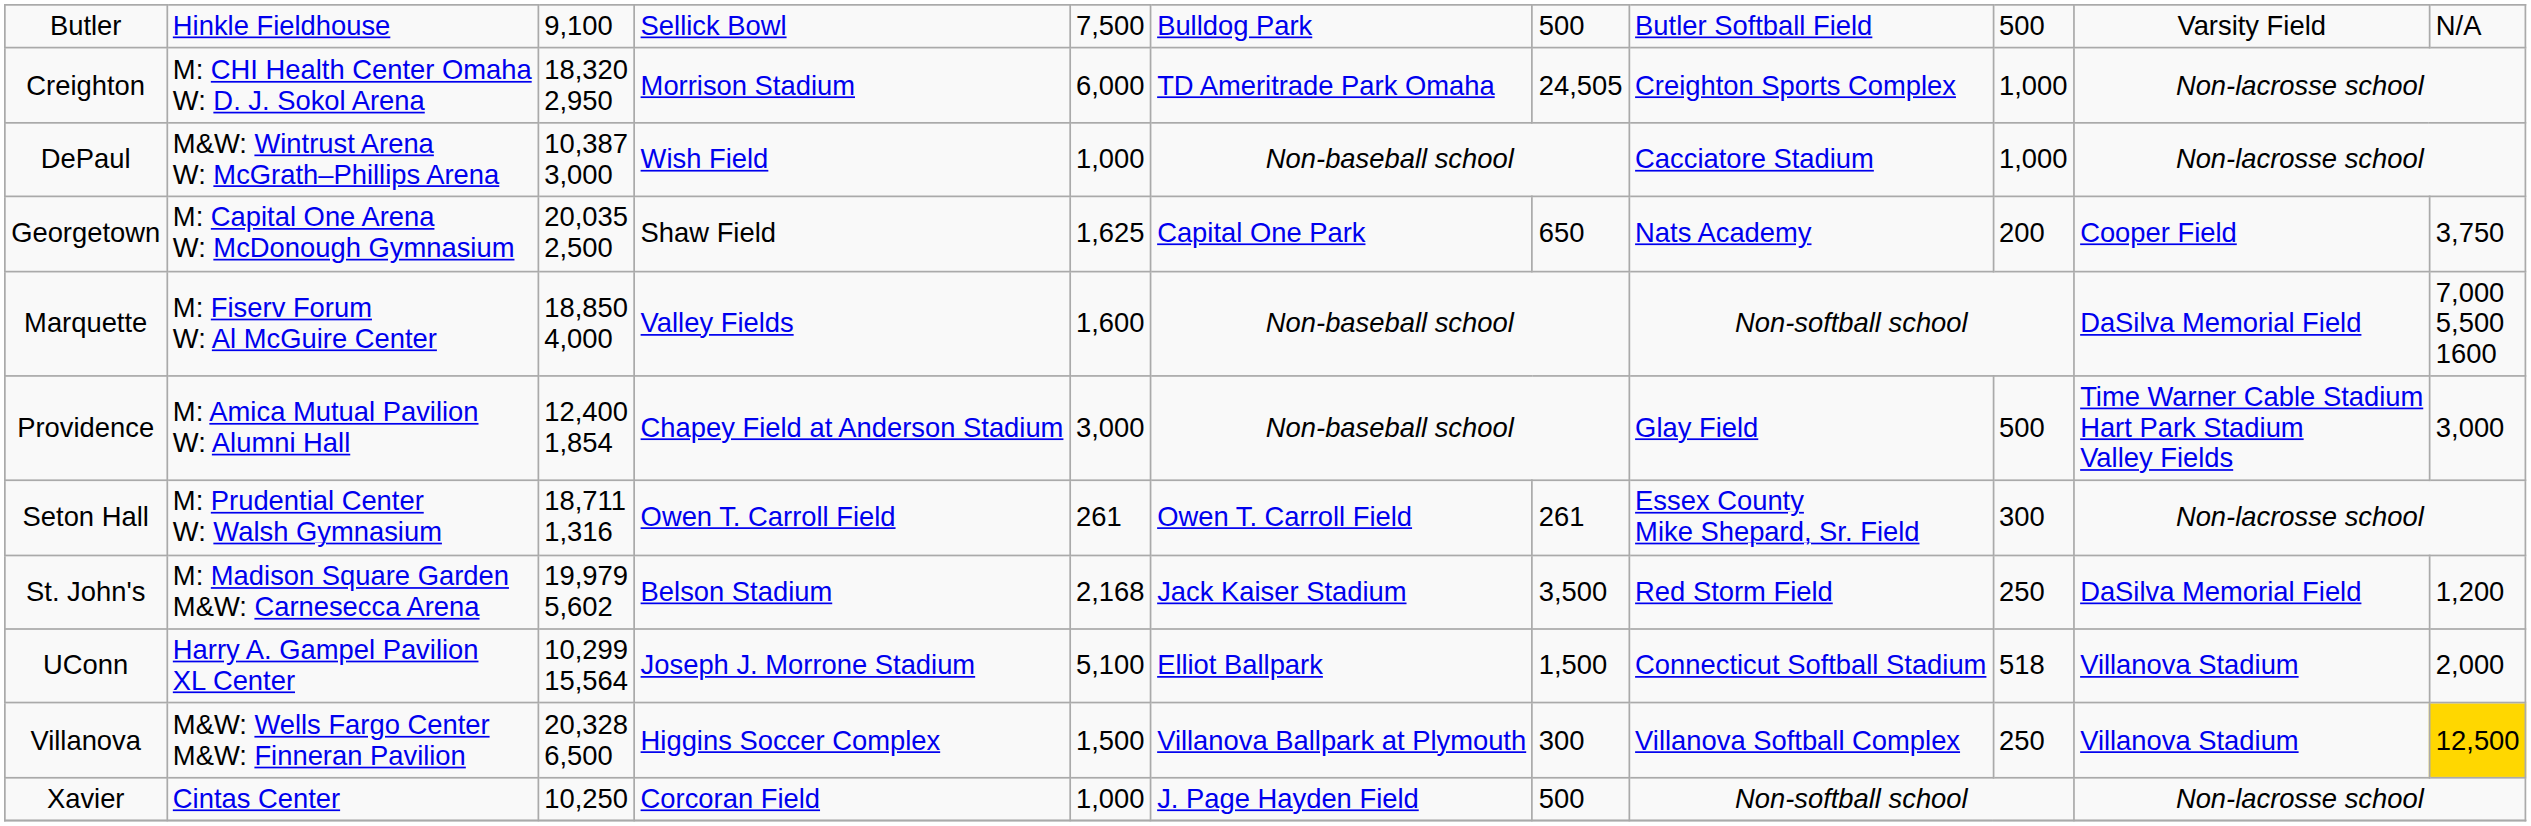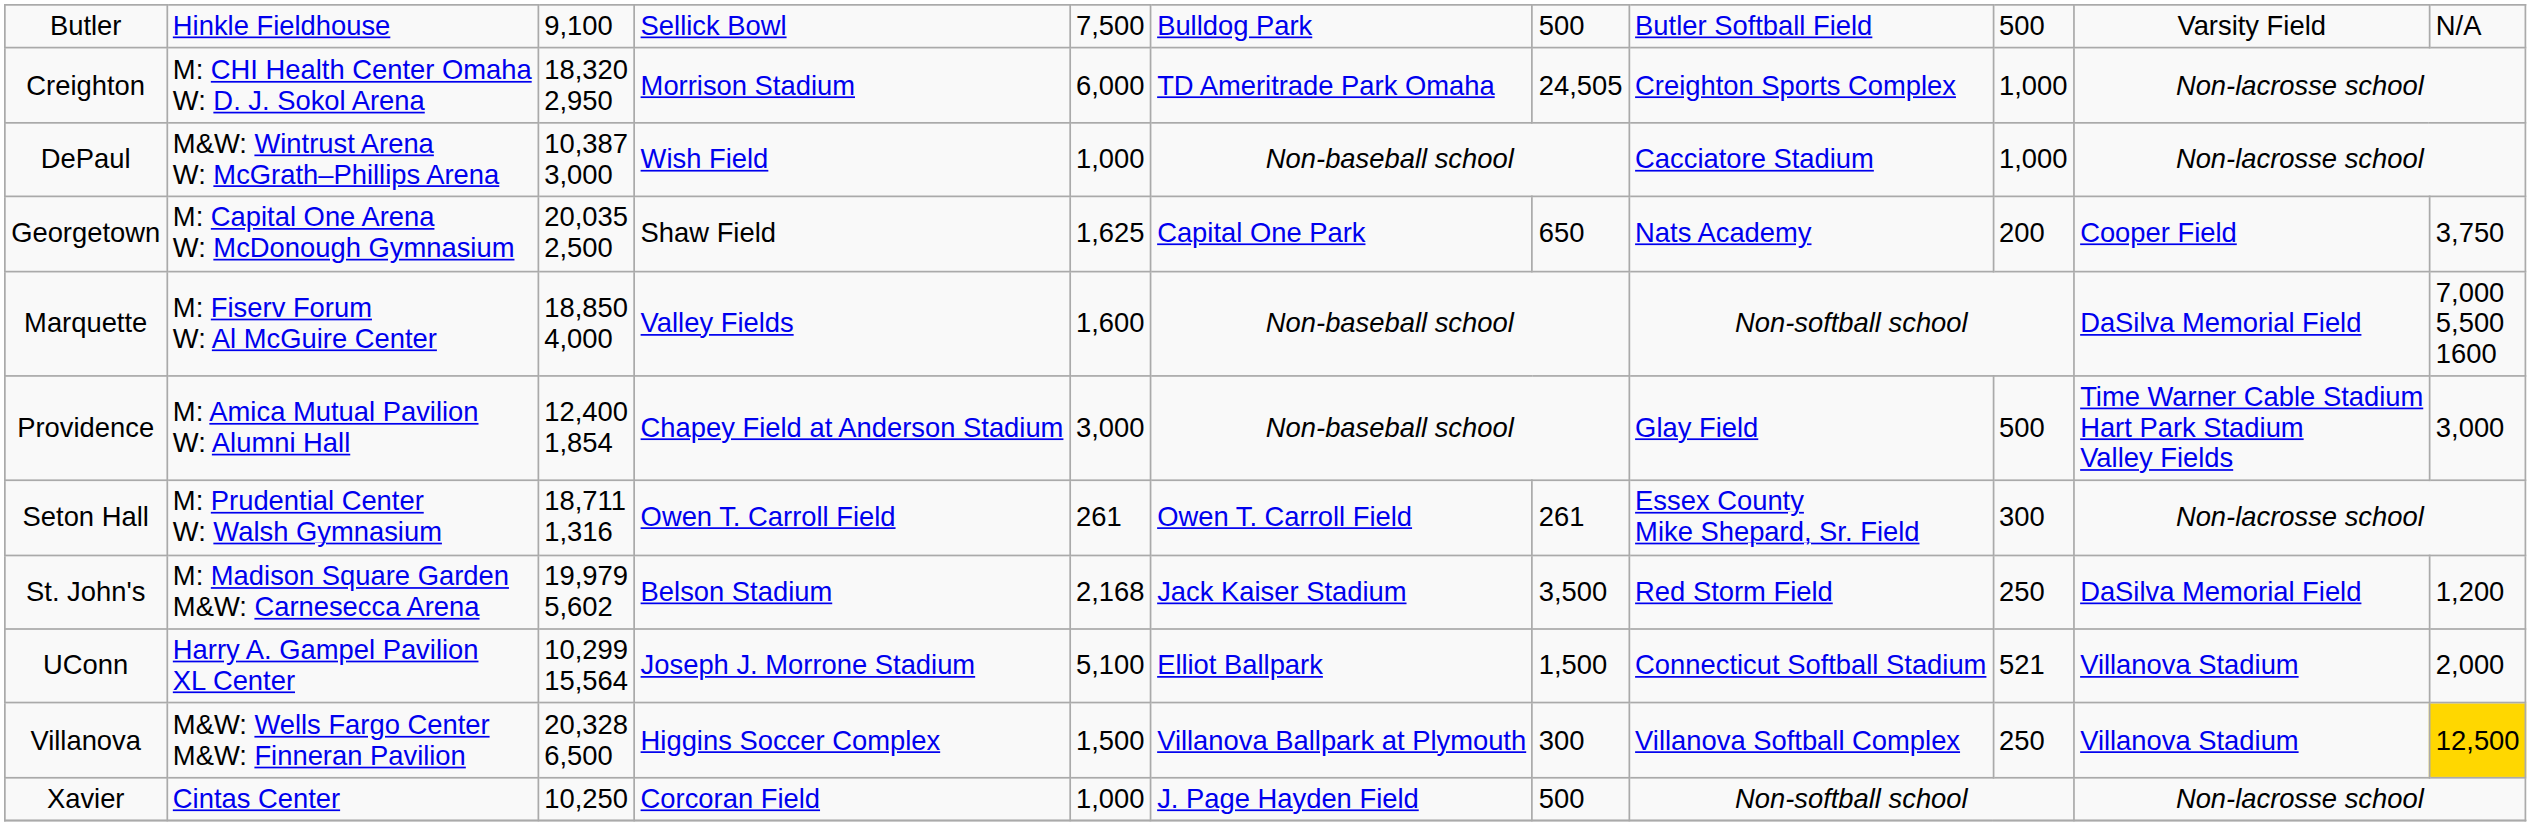 <table class="wikitable">
 <tr>
 <td style="text-align:center; ">Butler</td>
 <td><a href='#'>Hinkle Fieldhouse</a></td>
 <td>9,100</td>
 <td><a href='#'>Sellick Bowl</a></td>
 <td>7,500</td>
 <td><a href='#'>Bulldog Park</a></td>
 <td>500</td>
 <td><a href='#'>Butler Softball Field</a></td>
 <td>500</td>
 <td style="text-align:center;">Varsity Field</td>
 <td>N/A</td>
 </tr>
 <tr>
 <td style="text-align:center; ">Creighton</td>
 <td>M: <a href='#'>CHI Health Center Omaha</a><br>W: <a href='#'>D. J. Sokol Arena</a></td>
 <td>18,320<br>2,950</td>
 <td><a href='#'>Morrison Stadium</a></td>
 <td>6,000</td>
 <td><a href='#'>TD Ameritrade Park Omaha</a></td>
 <td>24,505</td>
 <td><a href='#'>Creighton Sports Complex</a></td>
 <td>1,000</td>
 <td colspan="2" style="text-align:center;"><em>Non-lacrosse school</em></td>
 </tr>
 <tr>
 <td style="text-align:center; ">DePaul</td>
 <td>M&W: <a href='#'>Wintrust Arena</a><br>W: <a href='#'>McGrath–Phillips Arena</a></td>
 <td>10,387<br>3,000</td>
 <td><a href='#'>Wish Field</a></td>
 <td>1,000</td>
 <td colspan="2" style="text-align:center;"><em>Non-baseball school</em></td>
 <td><a href='#'>Cacciatore Stadium</a></td>
 <td>1,000</td>
 <td colspan="2" style="text-align:center;"><em>Non-lacrosse school</em></td>
 </tr>
 <tr>
 <td style="text-align:center; ">Georgetown</td>
 <td>M: <a href='#'>Capital One Arena</a><br>W: <a href='#'>McDonough Gymnasium</a></td>
 <td>20,035<br>2,500</td>
 <td>Shaw Field</td>
 <td>1,625</td>
 <td><a href='#'>Capital One Park</a></td>
 <td>650</td>
 <td><a href='#'>Nats Academy</a></td>
 <td>200</td>
 <td><a href='#'>Cooper Field</a></td>
 <td>3,750</td>
 </tr>
 <tr>
 <td style="text-align:center; ">Marquette</td>
 <td>M: <a href='#'>Fiserv Forum</a> <br>W: <a href='#'>Al McGuire Center</a></td>
 <td>18,850<br>4,000</td>
 <td><a href='#'>Valley Fields</a></td>
 <td>1,600</td>
 <td colspan="2" style="text-align:center;"><em>Non-baseball school</em></td>
 <td colspan="2" style="text-align:center;"><em>Non-softball school</em></td>
 <td><a href='#'>DaSilva Memorial Field</a></td>
 <td>7,000<br>5,500<br>1600</td>
 </tr>
 <tr>
 <td style="text-align:center; ">Providence</td>
 <td>M: <a href='#'>Amica Mutual Pavilion</a><br>W: <a href='#'>Alumni Hall</a></td>
 <td>12,400<br>1,854</td>
 <td><a href='#'>Chapey Field at Anderson Stadium</a></td>
 <td>3,000</td>
 <td colspan="2" style="text-align:center;"><em>Non-baseball school</em></td>
 <td><a href='#'>Glay Field</a></td>
 <td>500</td>
 <td><a href='#'>Time Warner Cable Stadium</a><br><a href='#'>Hart Park Stadium</a><br><a href='#'>Valley Fields</a></td>
 <td>3,000</td>
 </tr>
 <tr>
 <td style="text-align:center; ">Seton Hall</td>
 <td>M: <a href='#'>Prudential Center</a><br>W: <a href='#'>Walsh Gymnasium</a></td>
 <td>18,711<br>1,316</td>
 <td><a href='#'>Owen T. Carroll Field</a></td>
 <td>261</td>
 <td><a href='#'>Owen T. Carroll Field</a></td>
 <td>261</td>
 <td><a href='#'>Essex County</a><br><a href='#'>Mike Shepard, Sr. Field</a></td>
 <td>300</td>
 <td colspan="2" style="text-align:center;"><em>Non-lacrosse school</em></td>
 </tr>
 <tr>
 <td style="text-align:center; ">St. John's</td>
 <td>M: <a href='#'>Madison Square Garden</a><br>M&W: <a href='#'>Carnesecca Arena</a></td>
 <td>19,979<br>5,602</td>
 <td><a href='#'>Belson Stadium</a></td>
 <td>2,168</td>
 <td><a href='#'>Jack Kaiser Stadium</a></td>
 <td>3,500</td>
 <td><a href='#'>Red Storm Field</a></td>
 <td>250</td>
 <td><a href='#'>DaSilva Memorial Field</a></td>
 <td>1,200</td>
 </tr>
 <tr>
 <td style="text-align:center; ">UConn</td>
 <td><a href='#'>Harry A. Gampel Pavilion</a><br><a href='#'>XL Center</a></td>
 <td>10,299<br>15,564</td>
 <td><a href='#'>Joseph J. Morrone Stadium</a></td>
 <td>5,100</td>
 <td><a href='#'>Elliot Ballpark</a></td>
 <td>1,500</td>
 <td><a href='#'>Connecticut Softball Stadium</a></td>
-<td>518</td>
+<td>521</td>
 <td><a href='#'>Villanova Stadium</a></td>
 <td>2,000</td>
 </tr>
 <tr>
 <td style="text-align:center; ">Villanova</td>
 <td>M&W: <a href='#'>Wells Fargo Center</a><br>M&W: <a href='#'>Finneran Pavilion</a></td>
 <td>20,328<br>6,500</td>
 <td><a href='#'>Higgins Soccer Complex</a></td>
 <td>1,500</td>
 <td><a href='#'>Villanova Ballpark at Plymouth</a></td>
 <td>300</td>
 <td><a href='#'>Villanova Softball Complex</a></td>
 <td>250</td>
 <td><a href='#'>Villanova Stadium</a></td>
 <td style="background: gold;">12,500</td>
 </tr>
 <tr>
 <td style="text-align:center; ">Xavier</td>
 <td><a href='#'>Cintas Center</a></td>
 <td>10,250</td>
 <td><a href='#'>Corcoran Field</a></td>
 <td>1,000</td>
 <td><a href='#'>J. Page Hayden Field</a></td>
 <td>500</td>
 <td colspan="2" style="text-align:center;"><em>Non-softball school</em></td>
 <td colspan="2" style="text-align:center;"><em>Non-lacrosse school</em><br></td>
 </tr>
 <tr>
 </tr>
 </table>
